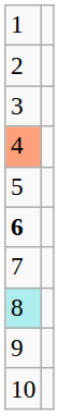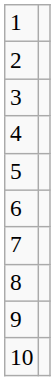 <table class="wikitable">
 <tr>
 <td>1</td>
 <td></td>
 </tr>
 <tr>
 <td>2</td>
 <td></td>
 </tr>
 <tr>
 <td>3</td>
 <td></td>
 </tr>
 <tr>
-<td style="background: lightsalmon;">4</td>
+<td>4</td>
 <td></td>
 </tr>
 <tr>
 <td>5</td>
 <td></td>
 </tr>
 <tr>
-<td><strong>6</strong></td>
+<td>6</td>
 <td></td>
 </tr>
 <tr>
 <td>7</td>
 <td></td>
 </tr>
 <tr>
-<td style="background: paleturquoise;">8</td>
+<td>8</td>
 <td></td>
 </tr>
 <tr>
 <td>9</td>
 <td></td>
 </tr>
 <tr>
 <td>10</td>
 <td></td>
 </tr>
 </table>
